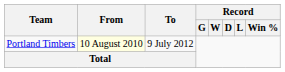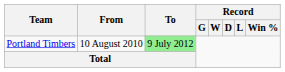 <table class="wikitable" style="text-align: center">
 <tr>
 <th rowspan="2">Team</th>
 <th rowspan="2">From</th>
 <th rowspan="2">To</th>
 <th colspan="5">Record</th>
 </tr>
 <tr>
 <th>G</th>
 <th>W</th>
 <th>D</th>
 <th>L</th>
 <th>Win %</th>
 </tr>
 <tr>
 <td align=left><a href='#'>Portland Timbers</a></td>
-<td align=left style="background: lightyellow;">10 August 2010</td>
-<td align=left>9 July 2012<br></td>
+<td align=left>10 August 2010</td>
+<td align=left style="background: lightgreen;">9 July 2012<br></td>
 </tr>
 <tr>
 <th colspan="3">Total<br></th>
 </tr>
 </table>
